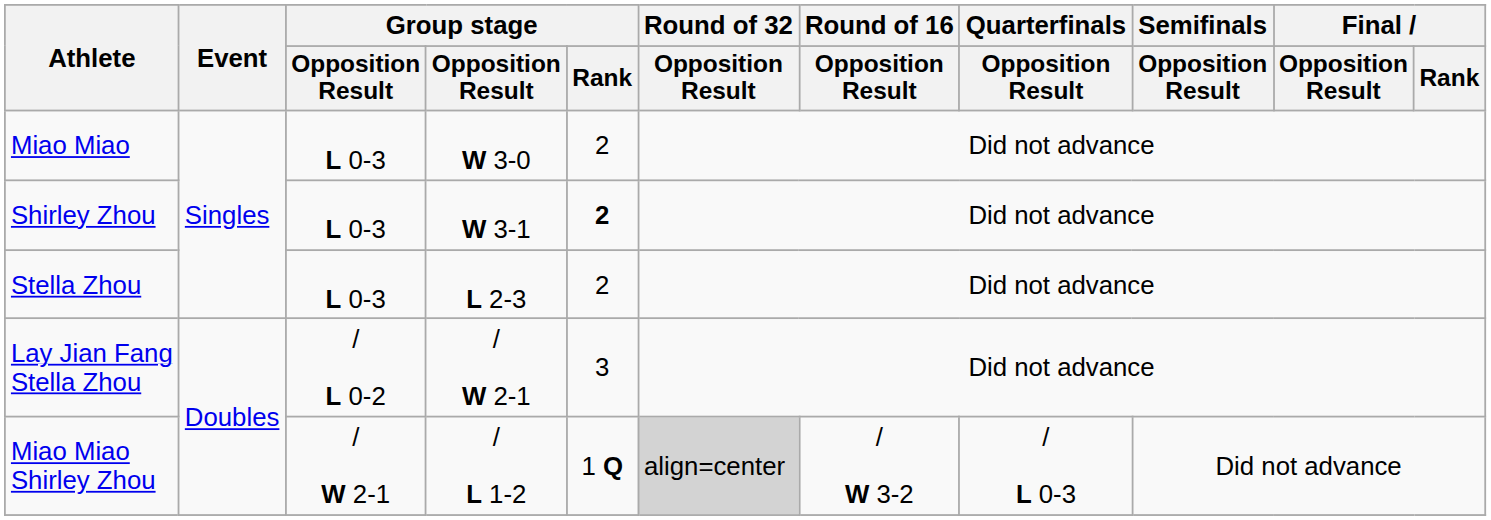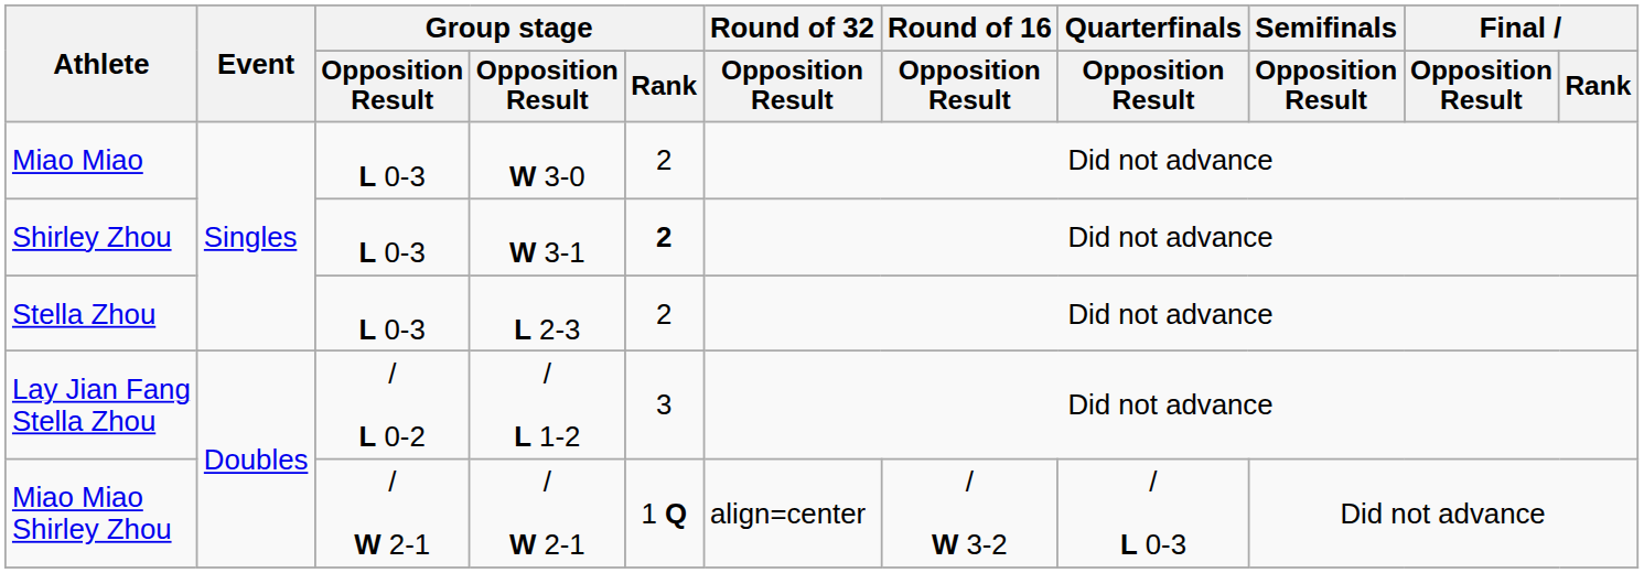 <table class="wikitable" style="font-size:90%">
 <tr>
 <th rowspan="2">Athlete</th>
 <th rowspan="2">Event</th>
 <th colspan="3">Group stage</th>
 <th>Round of 32</th>
 <th>Round of 16</th>
 <th>Quarterfinals</th>
 <th>Semifinals</th>
 <th colspan=2>Final / </th>
 </tr>
 <tr style="font-size:95%">
 <th>Opposition<br>Result</th>
 <th>Opposition<br>Result</th>
 <th>Rank</th>
 <th>Opposition<br>Result</th>
 <th>Opposition<br>Result</th>
 <th>Opposition<br>Result</th>
 <th>Opposition<br>Result</th>
 <th>Opposition<br>Result</th>
 <th>Rank</th>
 </tr>
 <tr>
 <td align=left><a href='#'>Miao Miao</a></td>
 <td align=left rowspan=3><a href='#'>Singles</a></td>
 <td align=center><br><strong>L</strong> 0-3</td>
 <td align=center><br><strong>W</strong> 3-0</td>
 <td align=center>2</td>
 <td align=center colspan=6>Did not advance</td>
 </tr>
 <tr>
 <td align=left><a href='#'>Shirley Zhou</a></td>
 <td align=center><br><strong>L</strong> 0-3</td>
 <td align=center><br><strong>W</strong> 3-1</td>
 <td align=center><strong>2</strong></td>
 <td align=center colspan=6>Did not advance</td>
 </tr>
 <tr>
 <td align=left><a href='#'>Stella Zhou</a></td>
 <td align=center><br><strong>L</strong> 0-3</td>
 <td align=center><br><strong>L</strong> 2-3</td>
 <td align=center>2</td>
 <td align=center colspan=6>Did not advance</td>
 </tr>
 <tr>
 <td align=left><a href='#'>Lay Jian Fang</a><br> <a href='#'>Stella Zhou</a></td>
 <td align=left rowspan=2><a href='#'>Doubles</a></td>
 <td align=center> /<br> <br><strong>L</strong> 0-2</td>
-<td align=center> /<br> <br><strong>W</strong> 2-1</td>
+<td align=center> /<br> <br><strong>L</strong> 1-2</td>
 <td align=center>3</td>
 <td align=center colspan=6>Did not advance</td>
 </tr>
 <tr>
 <td align=left><a href='#'>Miao Miao</a><br> <a href='#'>Shirley Zhou</a></td>
 <td align=center> /<br> <br><strong>W</strong> 2-1</td>
-<td align=center> /<br> <br><strong>L</strong> 1-2</td>
+<td align=center> /<br> <br><strong>W</strong> 2-1</td>
 <td align=center>1 <strong>Q</strong></td>
-<td style="background: lightgrey;">align=center </td>
+<td>align=center </td>
 <td align=center> /<br> <br><strong>W</strong> 3-2</td>
 <td align=center> /<br> <br><strong>L</strong> 0-3</td>
 <td align=center colspan=3>Did not advance</td>
 </tr>
 </table>
